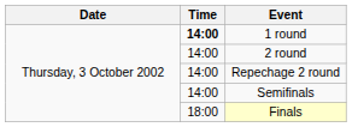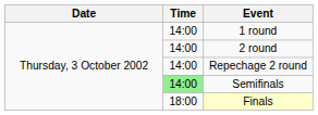 <table class = "wikitable" style="text-align:center;">
 <tr>
 <th width=220>Date</th>
 <th width=50>Time</th>
 <th width=150>Event</th>
 </tr>
 <tr>
 <td rowspan=5>Thursday, 3 October 2002</td>
-<td><strong>14:00</strong></td>
+<td>14:00</td>
 <td>1 round</td>
 </tr>
 <tr>
 <td>14:00</td>
 <td>2 round</td>
 </tr>
 <tr>
 <td>14:00</td>
 <td>Repechage 2 round</td>
 </tr>
 <tr>
-<td>14:00</td>
+<td style="background: lightgreen;">14:00</td>
 <td>Semifinals</td>
 </tr>
 <tr>
 <td>18:00</td>
 <td bgcolor=ffffcc>Finals</td>
 </tr>
 </table>
